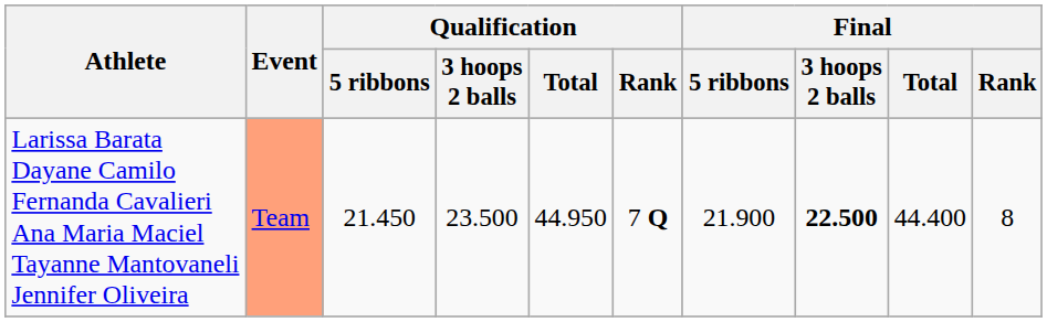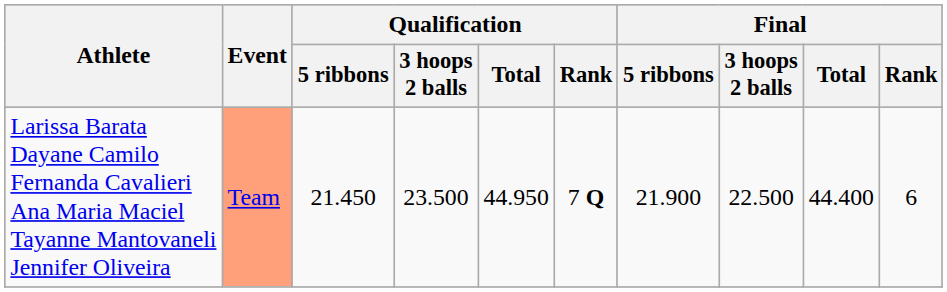 <table class="wikitable" style="font-size:90%">
 <tr>
 <th rowspan="2">Athlete</th>
 <th rowspan="2">Event</th>
 <th colspan="4">Qualification</th>
 <th colspan="4">Final</th>
 </tr>
 <tr style="font-size:95%">
 <th>5 ribbons</th>
 <th>3 hoops <br>2 balls</th>
 <th>Total</th>
 <th>Rank</th>
 <th>5 ribbons</th>
 <th>3 hoops <br>2 balls</th>
 <th>Total</th>
 <th>Rank</th>
 </tr>
 <tr align=center>
 <td align=left><a href='#'>Larissa Barata</a><br><a href='#'>Dayane Camilo</a><br><a href='#'>Fernanda Cavalieri</a><br><a href='#'>Ana Maria Maciel</a><br><a href='#'>Tayanne Mantovaneli</a><br><a href='#'>Jennifer Oliveira</a></td>
 <td align=left style="background: lightsalmon;"><a href='#'>Team</a></td>
 <td>21.450</td>
 <td>23.500</td>
 <td>44.950</td>
 <td>7 <strong>Q</strong></td>
 <td>21.900</td>
-<td><strong>22.500</strong></td>
+<td>22.500</td>
 <td>44.400</td>
-<td>8</td>
+<td>6</td>
 </tr>
 </table>
